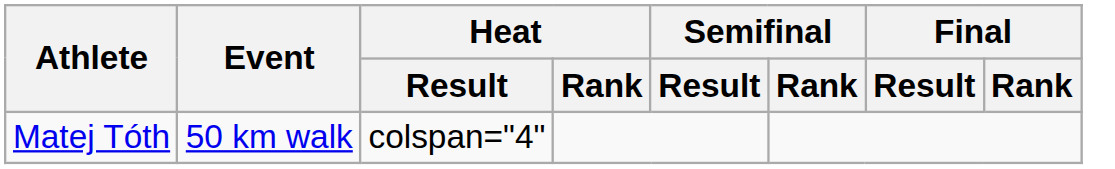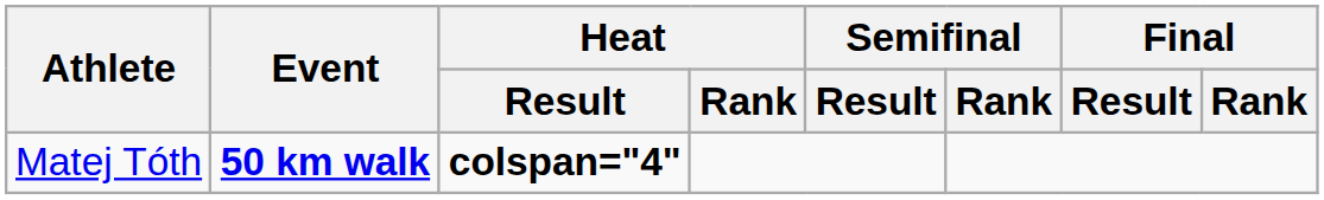 <table class="wikitable" style="font-size:90%">
 <tr>
 <th rowspan="2">Athlete</th>
 <th rowspan="2">Event</th>
 <th colspan="2">Heat</th>
 <th colspan="2">Semifinal</th>
 <th colspan="2">Final</th>
 </tr>
 <tr>
 <th>Result</th>
 <th>Rank</th>
 <th>Result</th>
 <th>Rank</th>
 <th>Result</th>
 <th>Rank</th>
 </tr>
 <tr style=text-align:center>
 <td style=text-align:left><a href='#'>Matej Tóth</a></td>
-<td style=text-align:left><a href='#'>50 km walk</a></td>
-<td>colspan="4" </td>
+<td style=text-align:left><strong><a href='#'>50 km walk</a></strong></td>
+<td><strong>colspan="4" </strong></td>
 <td colspan="2"></td>
 </tr>
 </table>
